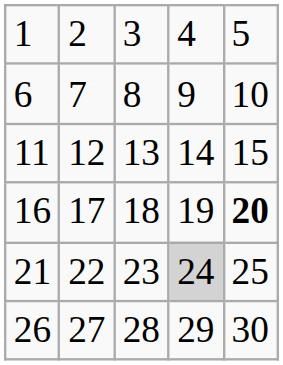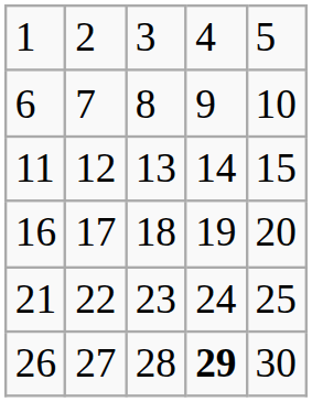 <table class="wikitable">
 <tr>
 <td>1</td>
 <td>2</td>
 <td>3</td>
 <td>4</td>
 <td>5</td>
 </tr>
 <tr>
 <td>6</td>
 <td>7</td>
 <td>8</td>
 <td>9</td>
 <td>10</td>
 </tr>
 <tr>
 <td>11</td>
 <td>12</td>
 <td>13</td>
 <td>14</td>
 <td>15</td>
 </tr>
 <tr>
 <td>16</td>
 <td>17</td>
 <td>18</td>
 <td>19</td>
-<td><strong>20</strong></td>
+<td>20</td>
 </tr>
 <tr>
 <td>21</td>
 <td>22</td>
 <td>23</td>
-<td style="background: lightgrey;">24</td>
+<td>24</td>
 <td>25</td>
 </tr>
 <tr>
 <td>26</td>
 <td>27</td>
 <td>28</td>
-<td>29</td>
+<td><strong>29</strong></td>
 <td>30</td>
 </tr>
 </table>
